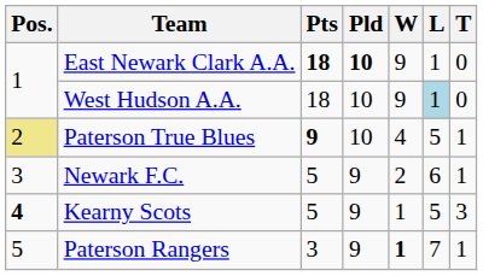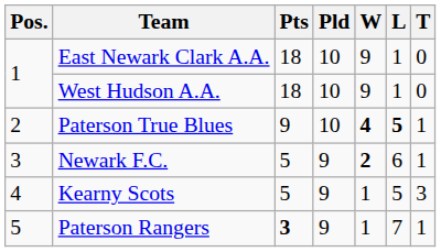 <table class="wikitable">
 <tr>
 <th>Pos.</th>
 <th>Team</th>
 <th>Pts</th>
 <th>Pld</th>
 <th>W</th>
 <th>L</th>
 <th>T</th>
 </tr>
 <tr>
 <td rowspan=2>1</td>
 <td><a href='#'>East Newark Clark A.A.</a></td>
-<td><strong>18</strong></td>
-<td><strong>10</strong></td>
+<td>18</td>
+<td>10</td>
 <td>9</td>
 <td>1</td>
 <td>0</td>
 </tr>
 <tr>
 <td><a href='#'>West Hudson A.A.</a></td>
 <td>18</td>
 <td>10</td>
 <td>9</td>
-<td style="background: lightblue;">1</td>
+<td>1</td>
 <td>0</td>
 </tr>
 <tr>
-<td style="background: khaki;">2</td>
+<td>2</td>
 <td><a href='#'>Paterson True Blues</a></td>
-<td><strong>9</strong></td>
+<td>9</td>
 <td>10</td>
-<td>4</td>
-<td>5</td>
+<td><strong>4</strong></td>
+<td><strong>5</strong></td>
 <td>1</td>
 </tr>
 <tr>
 <td>3</td>
 <td><a href='#'>Newark F.C.</a></td>
 <td>5</td>
 <td>9</td>
-<td>2</td>
+<td><strong>2</strong></td>
 <td>6</td>
 <td>1</td>
 </tr>
 <tr>
-<td><strong>4</strong></td>
+<td>4</td>
 <td><a href='#'>Kearny Scots</a></td>
 <td>5</td>
 <td>9</td>
 <td>1</td>
 <td>5</td>
 <td>3</td>
 </tr>
 <tr>
 <td>5</td>
 <td><a href='#'>Paterson Rangers</a></td>
-<td>3</td>
+<td><strong>3</strong></td>
 <td>9</td>
-<td><strong>1</strong></td>
+<td>1</td>
 <td>7</td>
 <td>1</td>
 </tr>
 </table>
